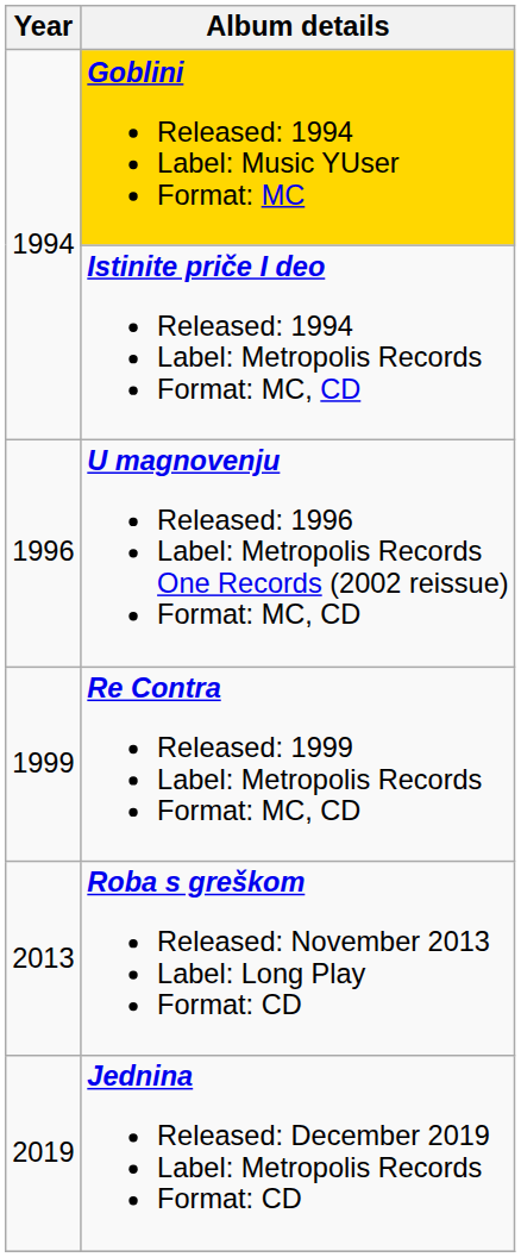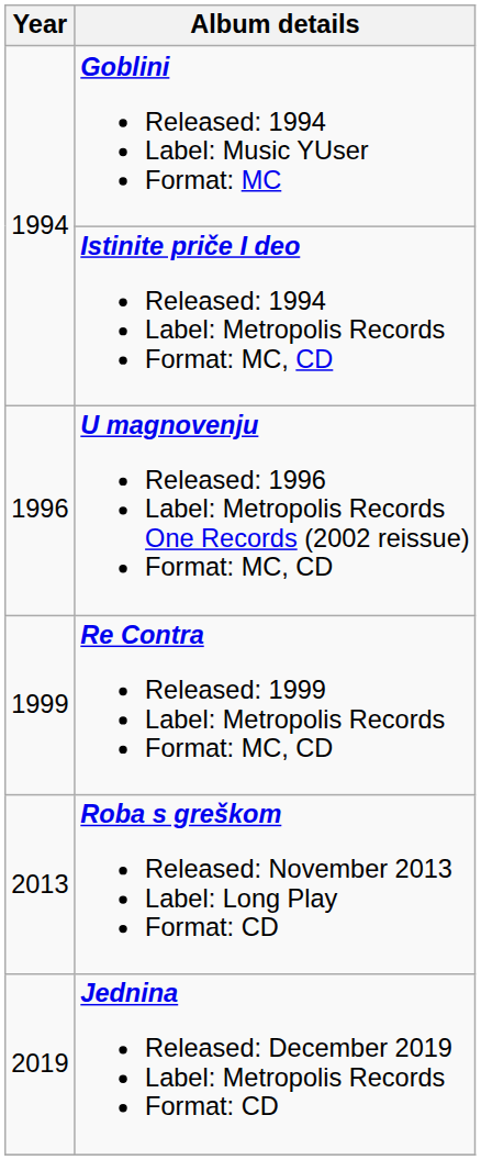 <table class ="wikitable">
 <tr>
 <th>Year</th>
 <th>Album details</th>
 </tr>
 <tr>
 <td align="center" rowspan="2">1994</td>
-<td style="background: gold;"><strong><em><a href='#'>Goblini</a></em></strong><br><ul><li>Released: 1994</li><li>Label: Music YUser</li><li>Format: <a href='#'>MC</a></li></ul></td>
+<td><strong><em><a href='#'>Goblini</a></em></strong><br><ul><li>Released: 1994</li><li>Label: Music YUser</li><li>Format: <a href='#'>MC</a></li></ul></td>
 </tr>
 <tr>
 <td><strong><em><a href='#'>Istinite priče I deo</a></em></strong><br><ul><li>Released: 1994</li><li>Label: Metropolis Records</li><li>Format: MC, <a href='#'>CD</a></li></ul></td>
 </tr>
 <tr>
 <td align="center" rowspan="1">1996</td>
 <td><strong><em><a href='#'>U magnovenju</a></em></strong><br><ul><li>Released: 1996</li><li>Label: Metropolis Records<br><a href='#'>One Records</a> (2002 reissue)</li><li>Format: MC, CD</li></ul></td>
 </tr>
 <tr>
 <td align="center" rowspan="1">1999</td>
 <td><strong><em><a href='#'>Re Contra</a></em></strong><br><ul><li>Released: 1999</li><li>Label: Metropolis Records</li><li>Format: MC, CD</li></ul></td>
 </tr>
 <tr>
 <td align="center" rowspan="1">2013</td>
 <td><strong><em><a href='#'>Roba s greškom</a></em></strong><br><ul><li>Released: November 2013</li><li>Label: Long Play</li><li>Format: CD</li></ul></td>
 </tr>
 <tr>
 <td align="center" rowspan="1">2019</td>
 <td><strong><em><a href='#'>Jednina</a></em></strong><br><ul><li>Released: December 2019</li><li>Label: Metropolis Records</li><li>Format: CD</li></ul></td>
 </tr>
 <tr>
 </tr>
 </table>
